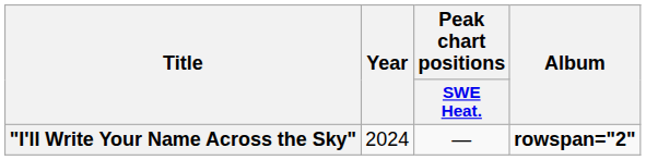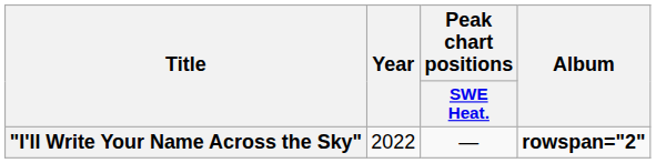 <table class="wikitable plainrowheaders" style="text-align:center;">
 <tr>
 <th scope="col" rowspan="2">Title</th>
 <th scope="col" rowspan="2">Year</th>
 <th scope="col" colspan="1">Peak chart positions</th>
 <th scope="col" rowspan="2">Album</th>
 </tr>
 <tr>
 <th scope="col" style="width:3em;font-size:85%;"><a href='#'>SWE<br>Heat.</a></th>
 </tr>
 <tr>
 <th scope="row">"I'll Write Your Name Across the Sky"</th>
-<td>2024</td>
+<td>2022</td>
 <td>—</td>
 <td><strong>rowspan="2" </strong></td>
 </tr>
 </table>
